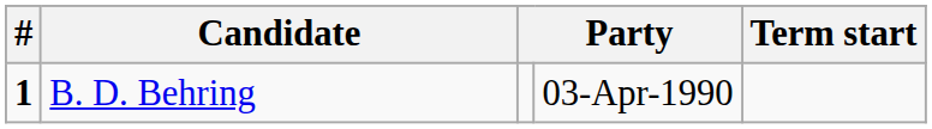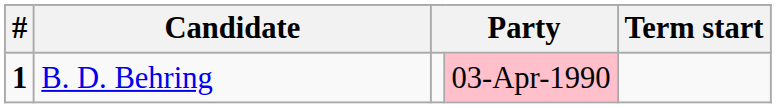 <table class="wikitable">
 <tr>
 <th>#</th>
 <th style="width:200px">Candidate</th>
 <th colspan="2">Party</th>
 <th>Term start</th>
 </tr>
 <tr>
 <td><strong>1</strong></td>
 <td><a href='#'>B. D. Behring</a></td>
 <td></td>
-<td>03-Apr-1990</td>
+<td style="background: pink;">03-Apr-1990</td>
 </tr>
 </table>
